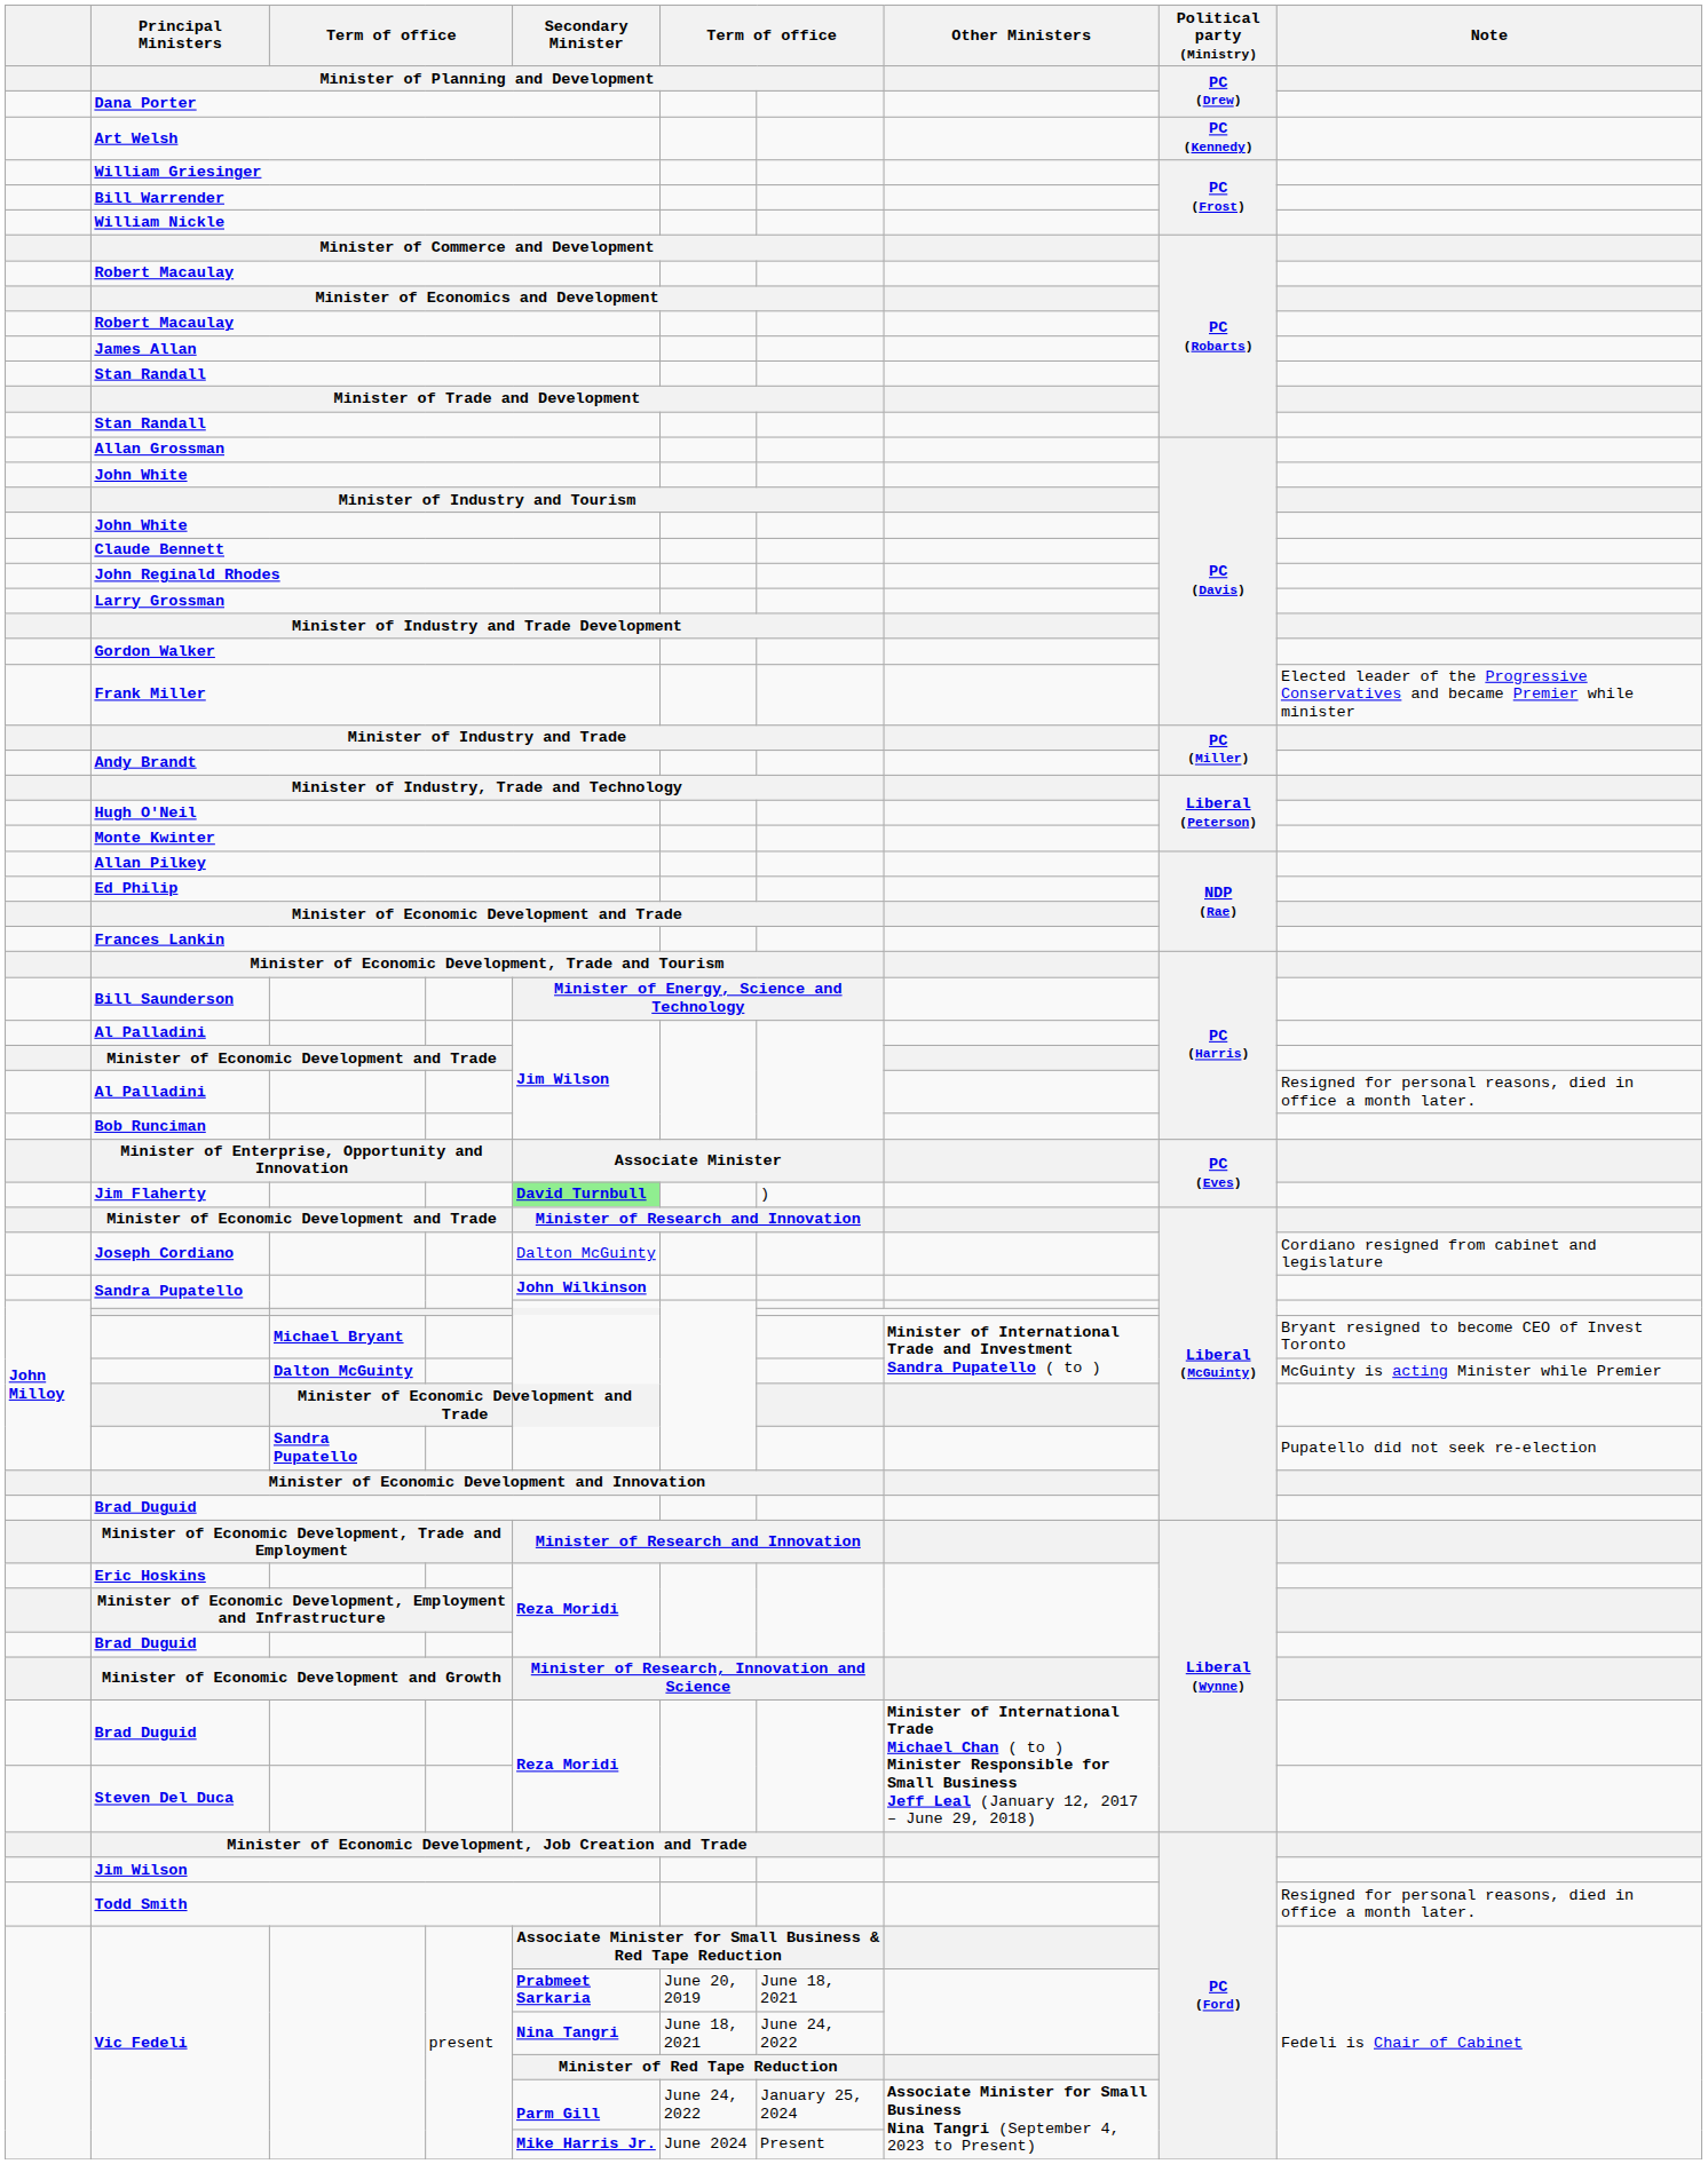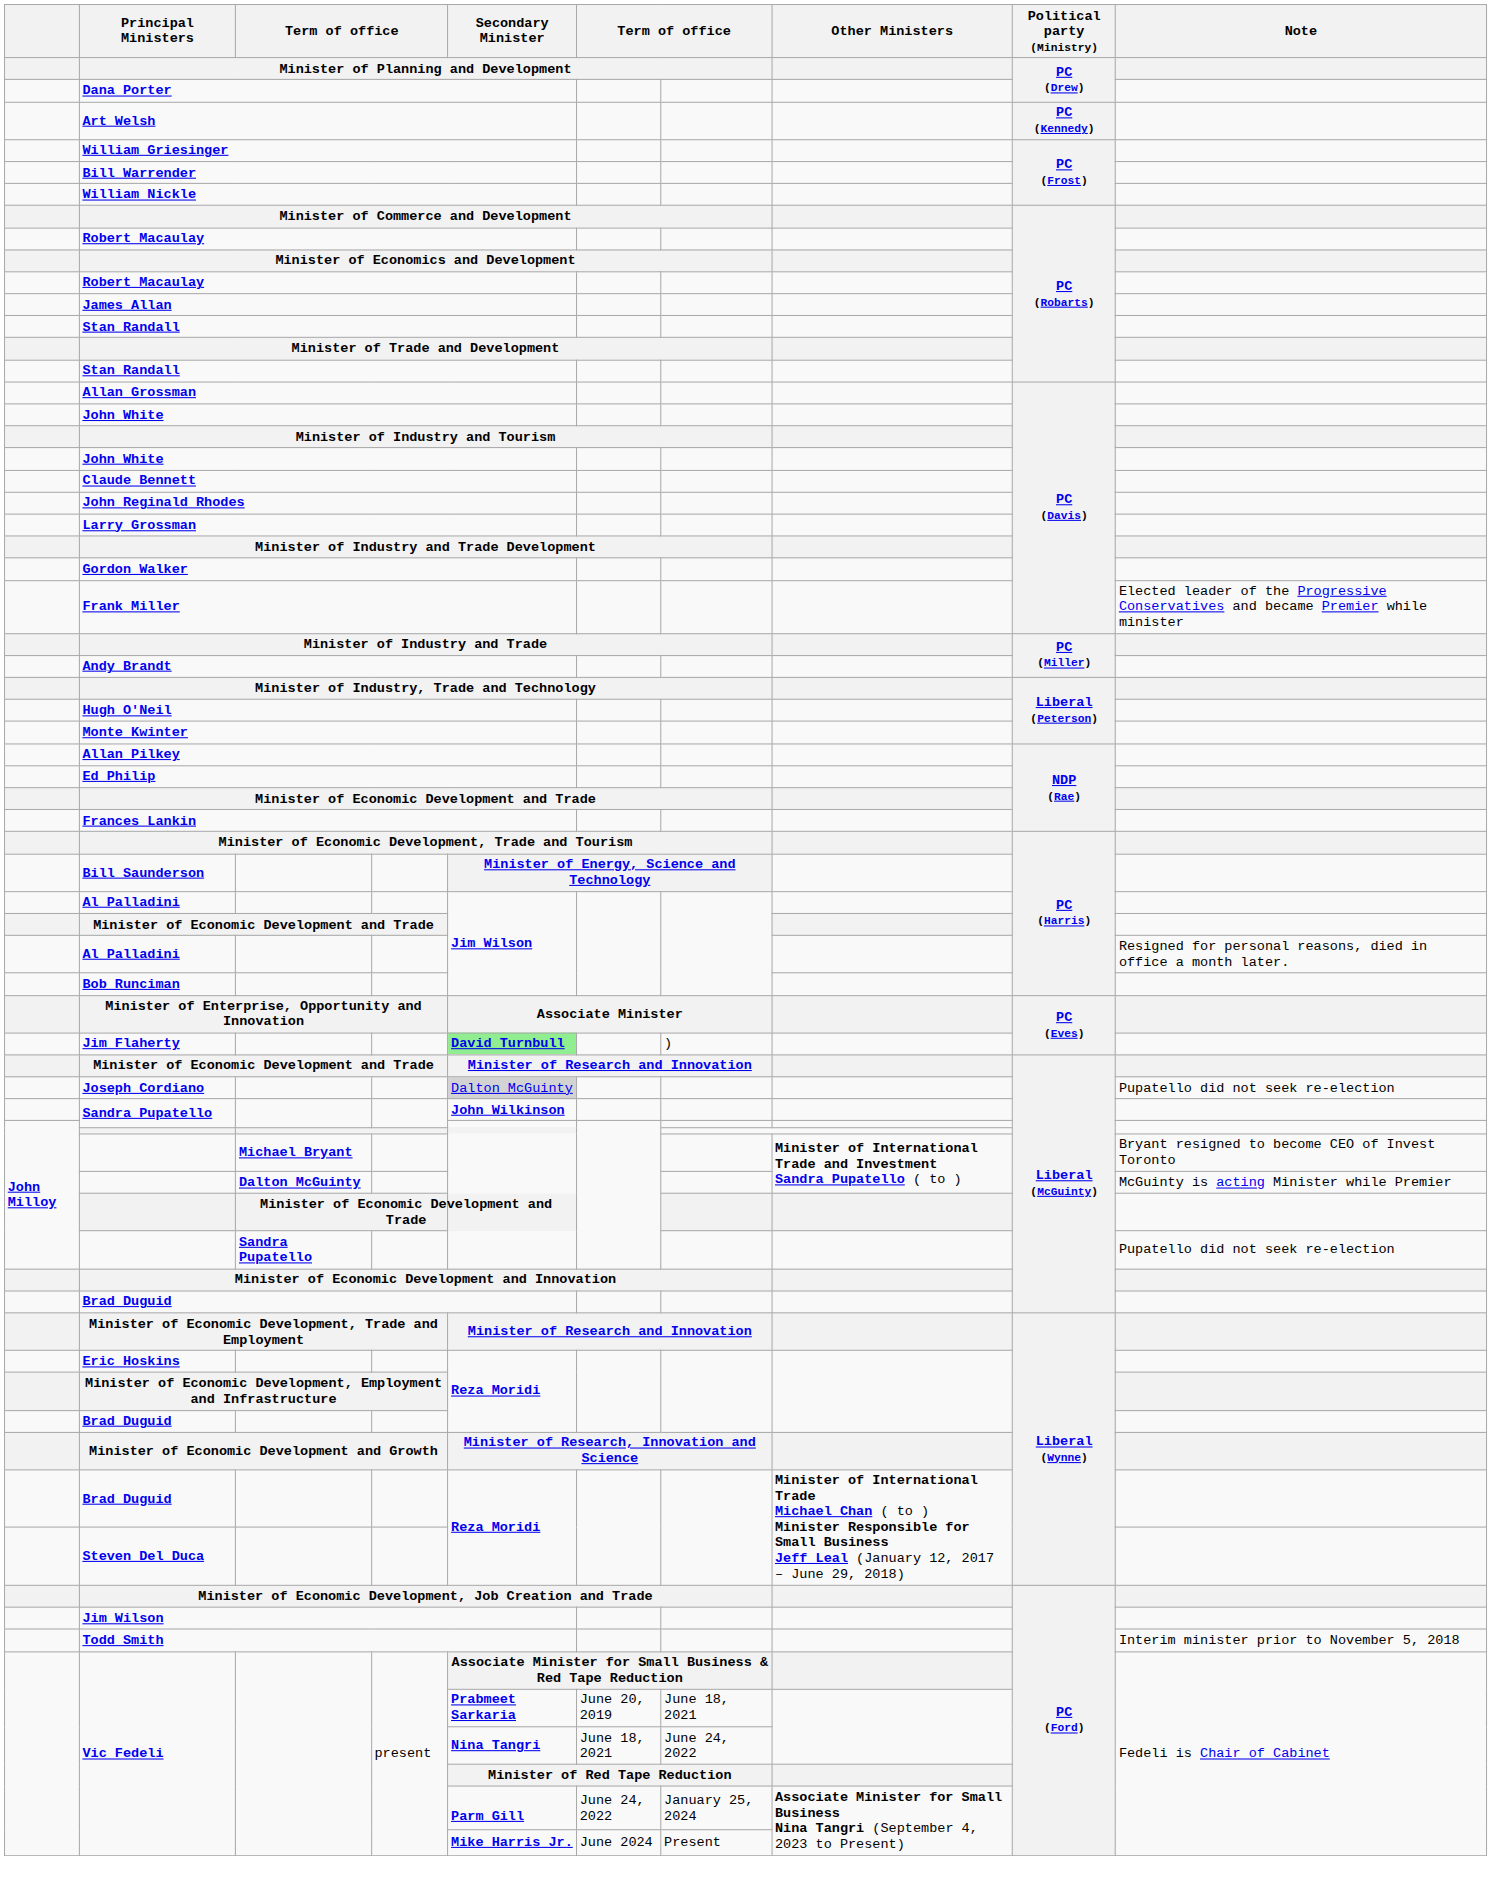 <table class="wikitable" style="width: 90%">
 <tr>
 <th></th>
 <th>Principal Ministers</th>
 <th colspan=2>Term of office</th>
 <th>Secondary Minister</th>
 <th colspan=2>Term of office</th>
 <th>Other Ministers</th>
 <th>Political party<br><small>(Ministry)</small></th>
 <th style="width: 350px;">Note</th>
 </tr>
 <tr>
 <th></th>
 <th colspan=6>Minister of Planning and Development</th>
 <th></th>
 <th rowspan=2; style="background:"><a href='#'>PC</a><br><small>(<a href='#'>Drew</a>)</small></th>
 <th></th>
 </tr>
 <tr>
 <td style="background:"></td>
 <td colspan=4><strong><a href='#'>Dana Porter</a></strong></td>
 <td></td>
 <td></td>
 <td></td>
 <td></td>
 </tr>
 <tr>
 <td style="background:"></td>
 <td colspan=4><strong><a href='#'>Art Welsh</a></strong></td>
 <td></td>
 <td></td>
 <td></td>
 <th style="background:"><a href='#'>PC</a><br><small>(<a href='#'>Kennedy</a>)</small></th>
 <td></td>
 </tr>
 <tr>
 <td style="background:"></td>
 <td colspan=4><strong><a href='#'>William Griesinger</a></strong></td>
 <td></td>
 <td></td>
 <td></td>
 <th rowspan=3; style="background:"><a href='#'>PC</a><br><small>(<a href='#'>Frost</a>)</small></th>
 <td></td>
 </tr>
 <tr>
 <td style="background:"></td>
 <td colspan=4><strong><a href='#'>Bill Warrender</a></strong></td>
 <td></td>
 <td></td>
 <td></td>
 <td></td>
 </tr>
 <tr>
 <td style="background:"></td>
 <td colspan=4><strong><a href='#'>William Nickle</a></strong></td>
 <td></td>
 <td></td>
 <td></td>
 <td></td>
 </tr>
 <tr>
 <th></th>
 <th colspan=6>Minister of Commerce and Development</th>
 <th></th>
 <th rowspan=8; style="background:"><a href='#'>PC</a><br><small>(<a href='#'>Robarts</a>)</small></th>
 <th></th>
 </tr>
 <tr>
 <td style="background:"></td>
 <td colspan=4><strong><a href='#'>Robert Macaulay</a></strong></td>
 <td></td>
 <td></td>
 <td></td>
 <td></td>
 </tr>
 <tr>
 <th></th>
 <th colspan=6>Minister of Economics and Development</th>
 <th></th>
 <th></th>
 </tr>
 <tr>
 <td style="background:"></td>
 <td colspan=4><strong><a href='#'>Robert Macaulay</a></strong></td>
 <td></td>
 <td></td>
 <td></td>
 <td></td>
 </tr>
 <tr>
 <td style="background:"></td>
 <td colspan=4><strong><a href='#'>James Allan</a></strong></td>
 <td></td>
 <td></td>
 <td></td>
 <td></td>
 </tr>
 <tr>
 <td style="background:"></td>
 <td colspan=4><strong><a href='#'>Stan Randall</a></strong></td>
 <td></td>
 <td></td>
 <td></td>
 <td></td>
 </tr>
 <tr>
 <th></th>
 <th colspan=6>Minister of Trade and Development</th>
 <th></th>
 <th></th>
 </tr>
 <tr>
 <td style="background:"></td>
 <td colspan=4><strong><a href='#'>Stan Randall</a></strong></td>
 <td></td>
 <td></td>
 <td></td>
 <td></td>
 </tr>
 <tr>
 <td style="background:"></td>
 <td colspan=4><strong><a href='#'>Allan Grossman</a></strong></td>
 <td></td>
 <td></td>
 <td></td>
 <th rowspan=10; style="background:"><a href='#'>PC</a><br><small>(<a href='#'>Davis</a>)</small></th>
 <td></td>
 </tr>
 <tr>
 <td style="background:"></td>
 <td colspan=4><strong><a href='#'>John White</a></strong></td>
 <td></td>
 <td></td>
 <td></td>
 <td></td>
 </tr>
 <tr>
 <th></th>
 <th colspan=6>Minister of Industry and Tourism</th>
 <th></th>
 <th></th>
 </tr>
 <tr>
 <td style="background:"></td>
 <td colspan=4><strong><a href='#'>John White</a></strong></td>
 <td></td>
 <td></td>
 <td></td>
 <td></td>
 </tr>
 <tr>
 <td style="background:"></td>
 <td colspan=4><strong><a href='#'>Claude Bennett</a></strong></td>
 <td></td>
 <td></td>
 <td></td>
 <td></td>
 </tr>
 <tr>
 <td style="background:"></td>
 <td colspan=4><strong><a href='#'>John Reginald Rhodes</a></strong></td>
 <td></td>
 <td></td>
 <td></td>
 <td></td>
 </tr>
 <tr>
 <td style="background:"></td>
 <td colspan=4><strong><a href='#'>Larry Grossman</a></strong></td>
 <td></td>
 <td></td>
 <td></td>
 <td></td>
 </tr>
 <tr>
 <th></th>
 <th colspan=6>Minister of Industry and Trade Development</th>
 <th></th>
 <th></th>
 </tr>
 <tr>
 <td style="background:"></td>
 <td colspan=4><strong><a href='#'>Gordon Walker</a></strong></td>
 <td></td>
 <td></td>
 <td></td>
 <td></td>
 </tr>
 <tr>
 <td style="background:"></td>
 <td colspan=4><strong><a href='#'>Frank Miller</a></strong></td>
 <td></td>
 <td></td>
 <td></td>
 <td>Elected leader of the <a href='#'>Progressive Conservatives</a> and became <a href='#'>Premier</a> while minister</td>
 </tr>
 <tr>
 <th></th>
 <th colspan=6>Minister of Industry and Trade</th>
 <th></th>
 <th rowspan=2; style="background:"><a href='#'>PC</a><br><small>(<a href='#'>Miller</a>)</small></th>
 <th></th>
 </tr>
 <tr>
 <td style="background:"></td>
 <td colspan=4><strong><a href='#'>Andy Brandt</a></strong></td>
 <td></td>
 <td></td>
 <td></td>
 <td></td>
 </tr>
 <tr>
 <th></th>
 <th colspan=6>Minister of Industry, Trade and Technology</th>
 <th></th>
 <th rowspan=3; style="background:"><a href='#'>Liberal</a><br><small>(<a href='#'>Peterson</a>)</small></th>
 <th></th>
 </tr>
 <tr>
 <td style="background:"></td>
 <td colspan=4><strong><a href='#'>Hugh O'Neil</a></strong></td>
 <td></td>
 <td></td>
 <td></td>
 <td></td>
 </tr>
 <tr>
 <td style="background:"></td>
 <td colspan=4><strong><a href='#'>Monte Kwinter</a></strong></td>
 <td></td>
 <td></td>
 <td></td>
 <td></td>
 </tr>
 <tr>
 <td style="background:"></td>
 <td colspan=4><strong><a href='#'>Allan Pilkey</a></strong></td>
 <td></td>
 <td></td>
 <td></td>
 <th rowspan=4; style="background:"><a href='#'>NDP</a><br><small>(<a href='#'>Rae</a>)</small></th>
 <td></td>
 </tr>
 <tr>
 <td style="background:"></td>
 <td colspan=4><strong><a href='#'>Ed Philip</a></strong></td>
 <td></td>
 <td></td>
 <td></td>
 <td></td>
 </tr>
 <tr>
 <th></th>
 <th colspan=6>Minister of Economic Development and Trade</th>
 <th></th>
 <th></th>
 </tr>
 <tr>
 <td style="background:"></td>
 <td colspan=4><strong><a href='#'>Frances Lankin</a></strong></td>
 <td></td>
 <td></td>
 <td></td>
 <td></td>
 </tr>
 <tr>
 <th></th>
 <th colspan=6>Minister of Economic Development, Trade and Tourism</th>
 <th></th>
 <th rowspan=6; style="background:"><a href='#'>PC</a><br><small>(<a href='#'>Harris</a>)</small></th>
 <th></th>
 </tr>
 <tr>
 <td style="background:"></td>
 <td><strong><a href='#'>Bill Saunderson</a></strong></td>
 <td></td>
 <td></td>
 <th colspan=3><a href='#'>Minister of Energy, Science and Technology</a></th>
 <td></td>
 <td></td>
 </tr>
 <tr>
 <td style="background:"></td>
 <td><strong> <a href='#'>Al Palladini</a></strong></td>
 <td></td>
 <td></td>
 <td rowspan=4;><strong><a href='#'>Jim Wilson</a></strong></td>
 <td rowspan=4></td>
 <td rowspan=4></td>
 <td></td>
 <td></td>
 </tr>
 <tr>
 <th></th>
 <th colspan=3>Minister of Economic Development and Trade</th>
 <th></th>
 <td></td>
 </tr>
 <tr>
 <td style="background:"></td>
 <td><strong> <a href='#'>Al Palladini</a></strong></td>
 <td></td>
 <td></td>
 <td></td>
 <td>Resigned for personal reasons, died in office a month later.</td>
 </tr>
 <tr>
 <td style="background:"></td>
 <td><strong><a href='#'>Bob Runciman</a></strong></td>
 <td></td>
 <td></td>
 <td></td>
 <td></td>
 </tr>
 <tr>
 <th></th>
 <th colspan=3>Minister of Enterprise, Opportunity and Innovation</th>
 <th colspan=3>Associate Minister</th>
 <th></th>
 <th rowspan=2; style="background:"><a href='#'>PC</a><br><small>(<a href='#'>Eves</a>)</small></th>
 <th></th>
 </tr>
 <tr>
 <td style="background:"></td>
 <td><strong><a href='#'>Jim Flaherty</a></strong></td>
 <td></td>
 <td></td>
 <td style="background: lightgreen;"><strong><a href='#'>David Turnbull</a></strong></td>
 <td></td>
 <td>)</td>
 <td></td>
 <td></td>
 </tr>
 <tr>
 <th></th>
 <th colspan=3>Minister of Economic Development and Trade</th>
 <th colspan=3><a href='#'>Minister of Research and Innovation</a></th>
 <th></th>
 <th rowspan=11; style="background:"><a href='#'>Liberal</a><br><small>(<a href='#'>McGuinty</a>)</small></th>
 <th></th>
 </tr>
 <tr>
 <td style="background:"></td>
 <td><strong><a href='#'>Joseph Cordiano</a></strong></td>
 <td></td>
 <td></td>
-<td><a href='#'>Dalton McGuinty</a></td>
+<td style="background: lightgrey;"><a href='#'>Dalton McGuinty</a></td>
 <td></td>
 <td><br></td>
 <td></td>
-<td>Cordiano resigned from cabinet and legislature</td>
+<td>Pupatello did not seek re-election</td>
 </tr>
 <tr>
 <td style="background:"></td>
 <td rowspan=2><strong><a href='#'>Sandra Pupatello</a></strong></td>
 <td rowspan=2></td>
 <td rowspan=2></td>
 <td><strong><a href='#'>John Wilkinson</a></strong></td>
 <td></td>
 <td></td>
 <td></td>
 <td></td>
 </tr>
 <tr>
 <td rowspan=6;><strong><a href='#'>John Milloy</a></strong></td>
 <td rowspan=6></td>
 <td rowspan=6></td>
 <td></td>
 <td></td>
 </tr>
 <tr>
 <th></th>
 <th colspan=3></th>
 </tr>
 <tr>
 <td style="background:"></td>
 <td><strong><a href='#'>Michael Bryant</a></strong></td>
 <td></td>
 <td></td>
 <td rowspan=2><strong>Minister of International Trade and Investment</strong><br><strong><a href='#'>Sandra Pupatello</a></strong> ( to )</td>
 <td>Bryant resigned to become CEO of Invest Toronto</td>
 </tr>
 <tr>
 <td style="background:"></td>
 <td><strong><a href='#'>Dalton McGuinty</a></strong></td>
 <td></td>
 <td></td>
 <td>McGuinty is <a href='#'>acting</a> Minister while Premier</td>
 </tr>
 <tr>
 <th></th>
 <th colspan=3>Minister of Economic Development and Trade</th>
 <th></th>
 <th></th>
 </tr>
 <tr>
 <td style="background:"></td>
 <td><strong><a href='#'>Sandra Pupatello</a></strong></td>
 <td></td>
 <td></td>
 <td></td>
 <td>Pupatello did not seek re-election</td>
 </tr>
 <tr>
 <th></th>
 <th colspan=6>Minister of Economic Development and Innovation</th>
 <th></th>
 <th></th>
 </tr>
 <tr>
 <td style="background:"></td>
 <td colspan=4><strong><a href='#'>Brad Duguid</a></strong></td>
 <td></td>
 <td></td>
 <td></td>
 <td></td>
 </tr>
 <tr>
 <th></th>
 <th colspan=3>Minister of Economic Development, Trade and Employment</th>
 <th colspan=3><strong><a href='#'>Minister of Research and Innovation</a></strong></th>
 <th></th>
 <th rowspan=7; style="background:"><a href='#'>Liberal</a><br><small>(<a href='#'>Wynne</a>)</small></th>
 <th></th>
 </tr>
 <tr>
 <td style="background:"></td>
 <td><strong><a href='#'>Eric Hoskins</a></strong></td>
 <td></td>
 <td></td>
 <td rowspan=3><strong><a href='#'>Reza Moridi</a></strong></td>
 <td rowspan=3></td>
 <td rowspan=3></td>
 <td rowspan=3></td>
 <td></td>
 </tr>
 <tr>
 <th></th>
 <th colspan=3>Minister of Economic Development, Employment and Infrastructure</th>
 <th></th>
 </tr>
 <tr>
 <td style="background:"></td>
 <td><strong><a href='#'>Brad Duguid</a></strong></td>
 <td></td>
 <td></td>
 <td></td>
 </tr>
 <tr>
 <th></th>
 <th colspan=3>Minister of Economic Development and Growth</th>
 <th colspan=3><strong><a href='#'>Minister of Research, Innovation and Science</a></strong></th>
 <th></th>
 <th></th>
 </tr>
 <tr>
 <td style="background:"></td>
 <td><strong><a href='#'>Brad Duguid</a></strong></td>
 <td></td>
 <td></td>
 <td rowspan=2><strong><a href='#'>Reza Moridi</a></strong></td>
 <td rowspan=2></td>
 <td rowspan=2></td>
 <td rowspan=2><strong>Minister of International Trade</strong><br><strong><a href='#'>Michael Chan</a></strong> ( to )<br><strong>Minister Responsible for Small Business</strong><br><strong><a href='#'>Jeff Leal</a></strong> (January 12, 2017 – June 29, 2018)</td>
 <td></td>
 </tr>
 <tr>
 <td style="background:"></td>
 <td><strong><a href='#'>Steven Del Duca</a></strong></td>
 <td></td>
 <td></td>
 <td></td>
 </tr>
 <tr>
 <th></th>
 <th colspan=6>Minister of Economic Development, Job Creation and Trade</th>
 <th></th>
 <th rowspan=12; style="background:"><a href='#'>PC</a><br><small>(<a href='#'>Ford</a>)</small></th>
 <th></th>
 </tr>
 <tr>
 <td style="background:"></td>
 <td colspan=4><strong><a href='#'>Jim Wilson</a></strong></td>
 <td></td>
 <td></td>
 <td></td>
 <td></td>
 </tr>
 <tr>
 <td style="background:"></td>
 <td colspan=4><strong><a href='#'>Todd Smith</a></strong></td>
 <td></td>
 <td></td>
 <td></td>
-<td>Resigned for personal reasons, died in office a month later.</td>
+<td>Interim minister prior to November 5, 2018</td>
 </tr>
 <tr>
 <td rowspan=7; style="background:"></td>
 <td rowspan=7><strong><a href='#'>Vic Fedeli</a></strong></td>
 <td rowspan=7></td>
 <td rowspan=7>present</td>
 <th colspan=3><strong>Associate Minister for Small Business & Red Tape Reduction</strong></th>
 <th></th>
 <td rowspan=7>Fedeli is <a href='#'>Chair of Cabinet</a></td>
 </tr>
 <tr>
 <td><strong><a href='#'>Prabmeet Sarkaria</a></strong></td>
 <td>June 20, 2019</td>
 <td>June 18, 2021</td>
 </tr>
 <tr>
 <td><strong><a href='#'>Nina Tangri</a></strong></td>
 <td>June 18, 2021</td>
 <td>June 24, 2022</td>
 </tr>
 <tr>
 <th colspan=3><strong>Minister of Red Tape Reduction</strong></th>
 <th></th>
 </tr>
 <tr>
 <td><br><strong><a href='#'>Parm Gill</a></strong></td>
 <td>June 24, 2022</td>
 <td>January 25, 2024</td>
 <td rowspan=2><strong>Associate Minister for Small Business</strong><br> <strong>Nina Tangri</strong> (September 4, 2023 to Present)</td>
 </tr>
 <tr>
 <td><strong><a href='#'>Mike Harris Jr.</a></strong></td>
 <td>June 2024</td>
 <td>Present<br></td>
 </tr>
 </table>
